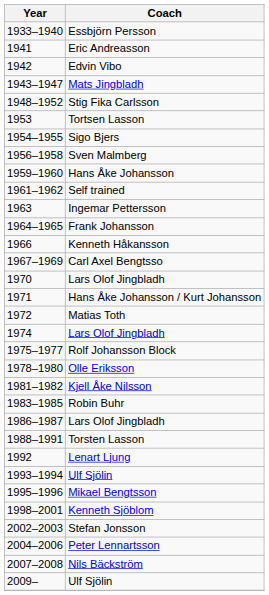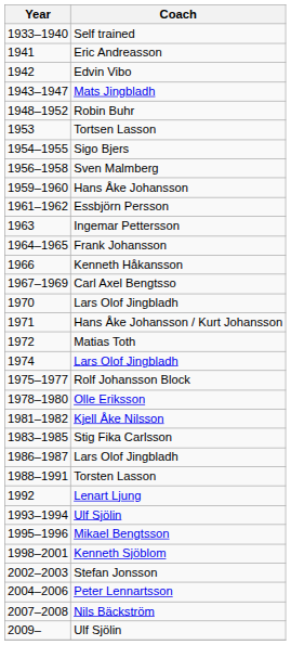 <table class="wikitable">
 <tr>
 <th>Year</th>
 <th>Coach</th>
 </tr>
 <tr>
 <td>1933–1940</td>
-<td>Essbjörn Persson</td>
+<td>Self trained</td>
 </tr>
 <tr>
 <td>1941</td>
 <td>Eric Andreasson</td>
 </tr>
 <tr>
 <td>1942</td>
 <td>Edvin Vibo</td>
 </tr>
 <tr>
 <td>1943–1947</td>
 <td><a href='#'>Mats Jingbladh</a></td>
 </tr>
 <tr>
 <td>1948–1952</td>
-<td>Stig Fika Carlsson</td>
+<td>Robin Buhr</td>
 </tr>
 <tr>
 <td>1953</td>
 <td>Tortsen Lasson</td>
 </tr>
 <tr>
 <td>1954–1955</td>
 <td>Sigo Bjers</td>
 </tr>
 <tr>
 <td>1956–1958</td>
 <td>Sven Malmberg</td>
 </tr>
 <tr>
 <td>1959–1960</td>
 <td>Hans Åke Johansson</td>
 </tr>
 <tr>
 <td>1961–1962</td>
-<td>Self trained</td>
+<td>Essbjörn Persson</td>
 </tr>
 <tr>
 <td>1963</td>
 <td>Ingemar Pettersson</td>
 </tr>
 <tr>
 <td>1964–1965</td>
 <td>Frank Johansson</td>
 </tr>
 <tr>
 <td>1966</td>
 <td>Kenneth Håkansson</td>
 </tr>
 <tr>
 <td>1967–1969</td>
 <td>Carl Axel Bengtsso</td>
 </tr>
 <tr>
 <td>1970</td>
 <td>Lars Olof Jingbladh</td>
 </tr>
 <tr>
 <td>1971</td>
 <td>Hans Åke Johansson / Kurt Johansson</td>
 </tr>
 <tr>
 <td>1972</td>
 <td>Matias Toth</td>
 </tr>
 <tr>
 <td>1974</td>
 <td><a href='#'>Lars Olof Jingbladh</a></td>
 </tr>
 <tr>
 <td>1975–1977</td>
 <td>Rolf Johansson Block</td>
 </tr>
 <tr>
 <td>1978–1980</td>
 <td><a href='#'>Olle Eriksson</a></td>
 </tr>
 <tr>
 <td>1981–1982</td>
 <td><a href='#'>Kjell Åke Nilsson</a></td>
 </tr>
 <tr>
 <td>1983–1985</td>
-<td>Robin Buhr</td>
+<td>Stig Fika Carlsson</td>
 </tr>
 <tr>
 <td>1986–1987</td>
 <td>Lars Olof Jingbladh</td>
 </tr>
 <tr>
 <td>1988–1991</td>
 <td>Torsten Lasson</td>
 </tr>
 <tr>
 <td>1992</td>
 <td><a href='#'>Lenart Ljung</a></td>
 </tr>
 <tr>
 <td>1993–1994</td>
 <td><a href='#'>Ulf Sjölin</a></td>
 </tr>
 <tr>
 <td>1995–1996</td>
 <td><a href='#'>Mikael Bengtsson</a></td>
 </tr>
 <tr>
 <td>1998–2001</td>
 <td><a href='#'>Kenneth Sjöblom</a></td>
 </tr>
 <tr>
 <td>2002–2003</td>
 <td>Stefan Jonsson</td>
 </tr>
 <tr>
 <td>2004–2006</td>
 <td><a href='#'>Peter Lennartsson</a></td>
 </tr>
 <tr>
 <td>2007–2008</td>
 <td><a href='#'>Nils Bäckström</a></td>
 </tr>
 <tr>
 <td>2009–</td>
 <td>Ulf Sjölin</td>
 </tr>
 <tr>
 </tr>
 </table>
